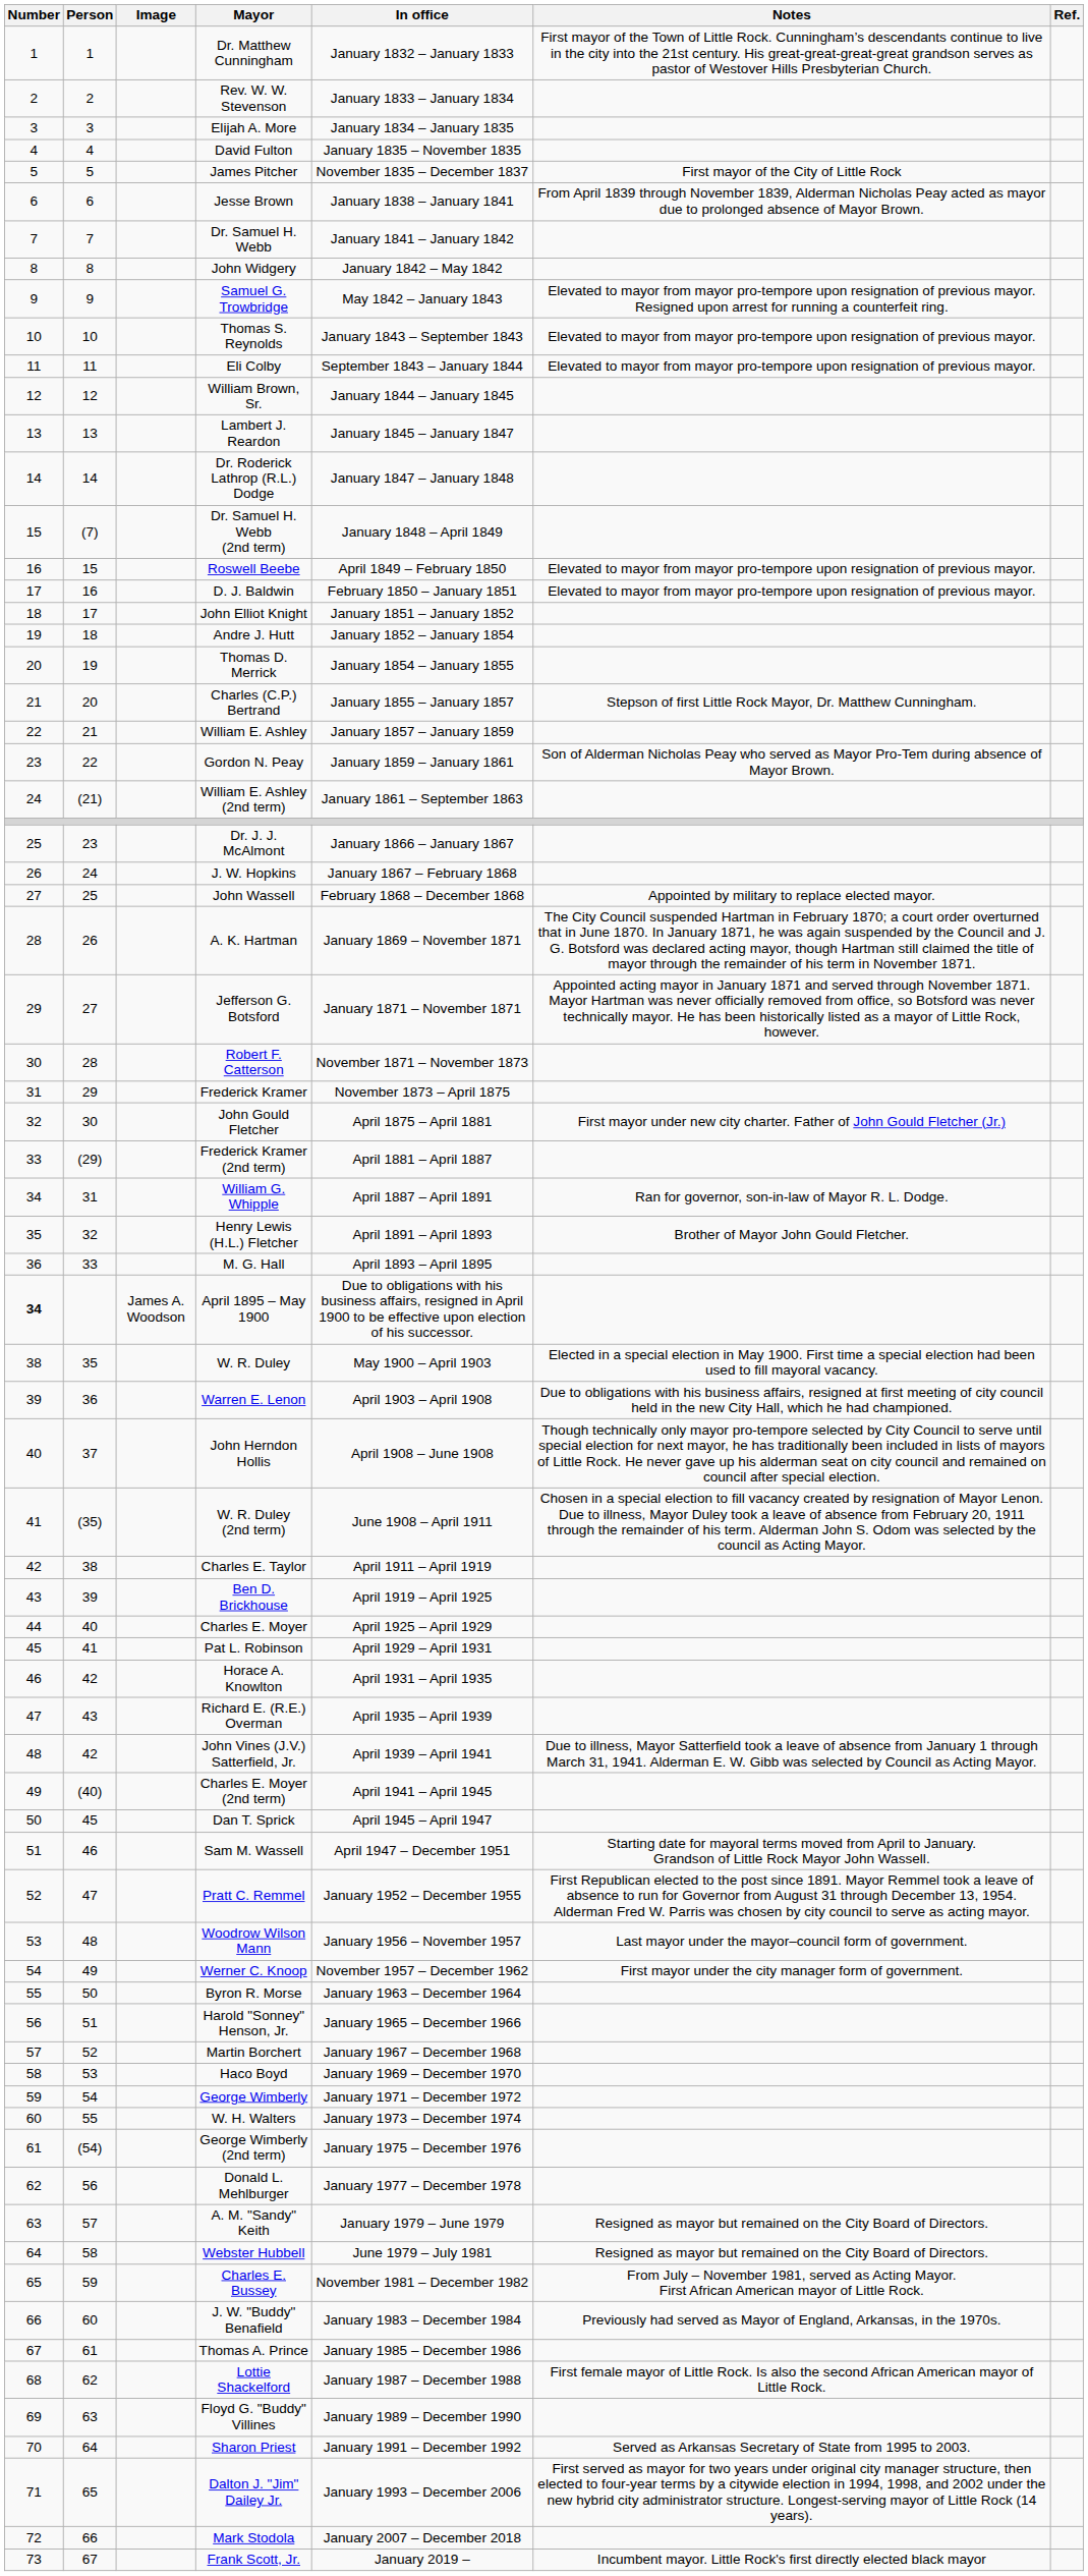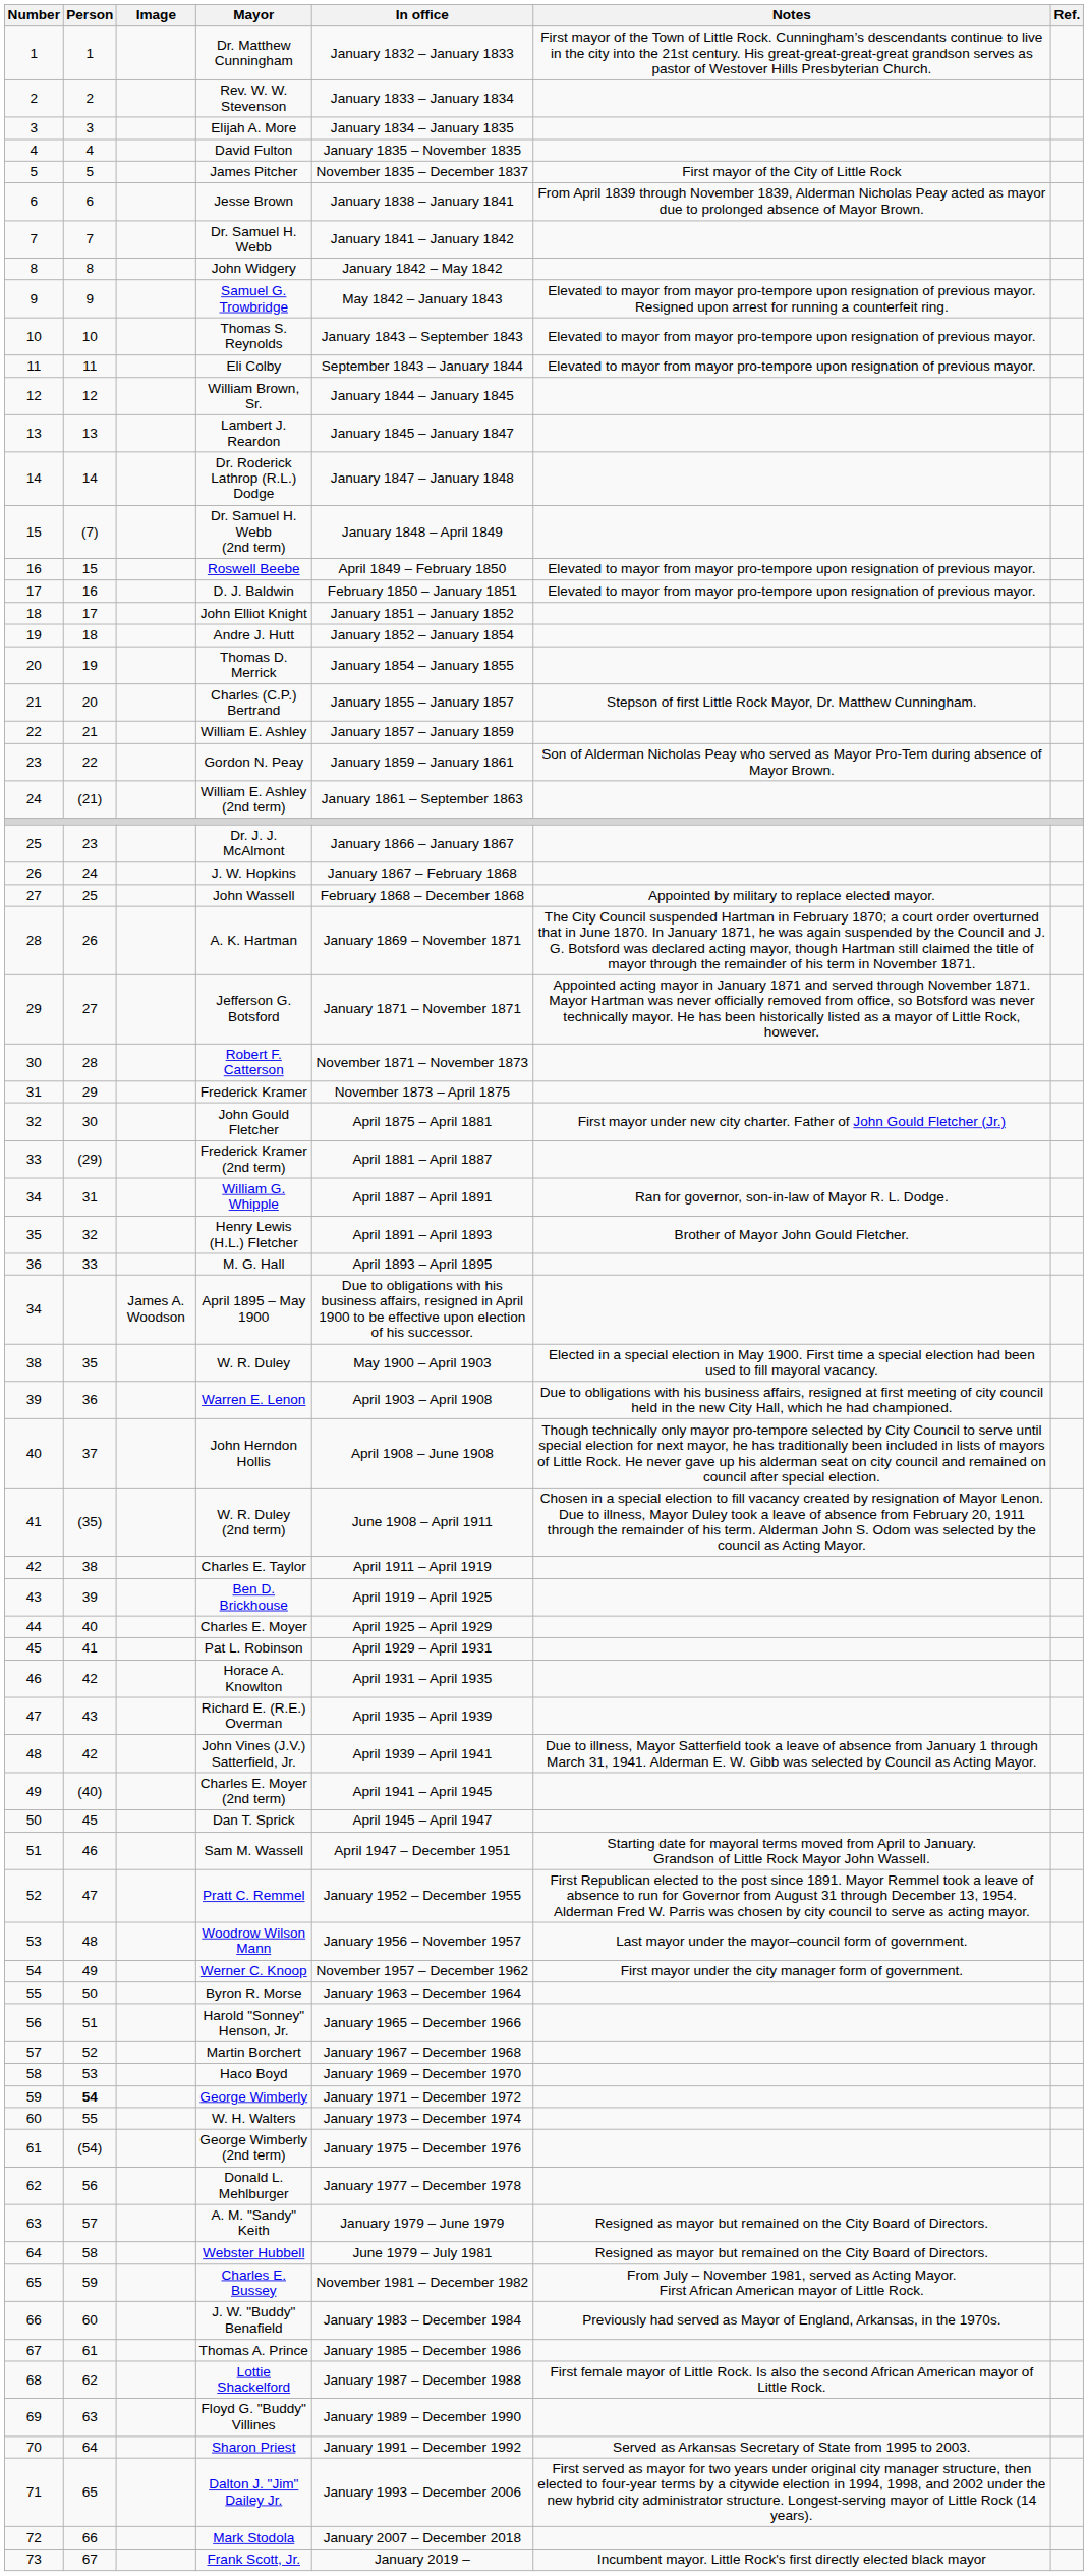 <table class="wikitable" style="text-align:center;">
 <tr>
 <th>Number</th>
 <th>Person</th>
 <th>Image</th>
 <th>Mayor</th>
 <th>In office</th>
 <th>Notes</th>
 <th>Ref.</th>
 </tr>
 <tr>
 <td>1</td>
 <td>1</td>
 <td></td>
 <td>Dr. Matthew Cunningham</td>
 <td>January 1832 – January 1833</td>
 <td>First mayor of the Town of Little Rock. Cunningham’s descendants continue to live in the city into the 21st century. His great-great-great-great grandson serves as pastor of Westover Hills Presbyterian Church.</td>
 <td></td>
 </tr>
 <tr>
 <td>2</td>
 <td>2</td>
 <td></td>
 <td>Rev. W. W. Stevenson</td>
 <td>January 1833 – January 1834</td>
 <td></td>
 <td></td>
 </tr>
 <tr>
 <td>3</td>
 <td>3</td>
 <td></td>
 <td>Elijah A. More</td>
 <td>January 1834 – January 1835</td>
 <td></td>
 <td></td>
 </tr>
 <tr>
 <td>4</td>
 <td>4</td>
 <td></td>
 <td>David Fulton</td>
 <td>January 1835 – November 1835</td>
 <td></td>
 <td></td>
 </tr>
 <tr>
 <td>5</td>
 <td>5</td>
 <td></td>
 <td>James Pitcher</td>
 <td>November 1835 – December 1837</td>
 <td>First mayor of the City of Little Rock</td>
 <td></td>
 </tr>
 <tr>
 <td>6</td>
 <td>6</td>
 <td></td>
 <td>Jesse Brown</td>
 <td>January 1838 – January 1841</td>
 <td>From April 1839 through November 1839, Alderman Nicholas Peay acted as mayor due to prolonged absence of Mayor Brown.</td>
 <td></td>
 </tr>
 <tr>
 <td>7</td>
 <td>7</td>
 <td></td>
 <td>Dr. Samuel H. Webb</td>
 <td>January 1841 – January 1842</td>
 <td></td>
 <td></td>
 </tr>
 <tr>
 <td>8</td>
 <td>8</td>
 <td></td>
 <td>John Widgery</td>
 <td>January 1842 – May 1842</td>
 <td></td>
 <td></td>
 </tr>
 <tr>
 <td>9</td>
 <td>9</td>
 <td></td>
 <td><a href='#'>Samuel G. Trowbridge</a></td>
 <td>May 1842 – January 1843</td>
 <td>Elevated to mayor from mayor pro-tempore upon resignation of previous mayor.<br>Resigned upon arrest for running a counterfeit ring.</td>
 <td></td>
 </tr>
 <tr>
 <td>10</td>
 <td>10</td>
 <td></td>
 <td>Thomas S. Reynolds</td>
 <td>January 1843 – September 1843</td>
 <td>Elevated to mayor from mayor pro-tempore upon resignation of previous mayor.</td>
 <td></td>
 </tr>
 <tr>
 <td>11</td>
 <td>11</td>
 <td></td>
 <td>Eli Colby</td>
 <td>September 1843 – January 1844</td>
 <td>Elevated to mayor from mayor pro-tempore upon resignation of previous mayor.</td>
 <td></td>
 </tr>
 <tr>
 <td>12</td>
 <td>12</td>
 <td></td>
 <td>William Brown, Sr.</td>
 <td>January 1844 – January 1845</td>
 <td></td>
 <td></td>
 </tr>
 <tr>
 <td>13</td>
 <td>13</td>
 <td></td>
 <td>Lambert J. Reardon</td>
 <td>January 1845 – January 1847</td>
 <td></td>
 <td></td>
 </tr>
 <tr>
 <td>14</td>
 <td>14</td>
 <td></td>
 <td>Dr. Roderick Lathrop (R.L.) Dodge</td>
 <td>January 1847 – January 1848</td>
 <td></td>
 <td></td>
 </tr>
 <tr>
 <td>15</td>
 <td>(7)</td>
 <td></td>
 <td>Dr. Samuel H. Webb<br> (2nd term)</td>
 <td>January 1848 – April 1849</td>
 <td></td>
 <td></td>
 </tr>
 <tr>
 <td>16</td>
 <td>15</td>
 <td></td>
 <td><a href='#'>Roswell Beebe</a></td>
 <td>April 1849 – February 1850</td>
 <td>Elevated to mayor from mayor pro-tempore upon resignation of previous mayor.</td>
 <td></td>
 </tr>
 <tr>
 <td>17</td>
 <td>16</td>
 <td></td>
 <td>D. J. Baldwin</td>
 <td>February 1850 – January 1851</td>
 <td>Elevated to mayor from mayor pro-tempore upon resignation of previous mayor.</td>
 <td></td>
 </tr>
 <tr>
 <td>18</td>
 <td>17</td>
 <td></td>
 <td>John Elliot Knight</td>
 <td>January 1851 – January 1852</td>
 <td></td>
 <td></td>
 </tr>
 <tr>
 <td>19</td>
 <td>18</td>
 <td></td>
 <td>Andre J. Hutt</td>
 <td>January 1852 – January 1854</td>
 <td></td>
 <td></td>
 </tr>
 <tr>
 <td>20</td>
 <td>19</td>
 <td></td>
 <td>Thomas D. Merrick</td>
 <td>January 1854 – January 1855</td>
 <td></td>
 <td></td>
 </tr>
 <tr>
 <td>21</td>
 <td>20</td>
 <td></td>
 <td>Charles (C.P.) Bertrand</td>
 <td>January 1855 – January 1857</td>
 <td>Stepson of first Little Rock Mayor, Dr. Matthew Cunningham.</td>
 <td></td>
 </tr>
 <tr>
 <td>22</td>
 <td>21</td>
 <td></td>
 <td>William E. Ashley</td>
 <td>January 1857 – January 1859</td>
 <td></td>
 <td></td>
 </tr>
 <tr>
 <td>23</td>
 <td>22</td>
 <td></td>
 <td>Gordon N. Peay</td>
 <td>January 1859 – January 1861</td>
 <td>Son of Alderman Nicholas Peay who served as Mayor Pro-Tem during absence of Mayor Brown.</td>
 <td></td>
 </tr>
 <tr>
 <td>24</td>
 <td>(21)</td>
 <td></td>
 <td>William E. Ashley<br> (2nd term)</td>
 <td>January 1861 – September 1863</td>
 <td></td>
 <td></td>
 </tr>
 <tr>
 <td colspan="7" style="background:#D5D5D5"></td>
 </tr>
 <tr>
 <td>25</td>
 <td>23</td>
 <td></td>
 <td>Dr. J. J. McAlmont</td>
 <td>January 1866 – January 1867</td>
 <td></td>
 <td></td>
 </tr>
 <tr>
 <td>26</td>
 <td>24</td>
 <td></td>
 <td>J. W. Hopkins</td>
 <td>January 1867 – February 1868</td>
 <td></td>
 <td></td>
 </tr>
 <tr>
 <td>27</td>
 <td>25</td>
 <td></td>
 <td>John Wassell</td>
 <td>February 1868 – December 1868</td>
 <td>Appointed by military to replace elected mayor.</td>
 <td></td>
 </tr>
 <tr>
 <td>28</td>
 <td>26</td>
 <td></td>
 <td>A. K. Hartman</td>
 <td>January 1869 – November 1871</td>
 <td>The City Council suspended Hartman in February 1870; a court order overturned that in June 1870. In January 1871, he was again suspended by the Council and J. G. Botsford was declared acting mayor, though Hartman still claimed the title of mayor through the remainder of his term in November 1871.</td>
 <td></td>
 </tr>
 <tr>
 <td>29</td>
 <td>27</td>
 <td></td>
 <td>Jefferson G. Botsford</td>
 <td>January 1871 – November 1871</td>
 <td>Appointed acting mayor in January 1871 and served through November 1871. Mayor Hartman was never officially removed from office, so Botsford was never technically mayor.  He has been historically listed as a mayor of Little Rock, however.</td>
 <td></td>
 </tr>
 <tr>
 <td>30</td>
 <td>28</td>
 <td></td>
 <td><a href='#'>Robert F. Catterson</a></td>
 <td>November 1871 – November 1873</td>
 <td></td>
 <td></td>
 </tr>
 <tr>
 <td>31</td>
 <td>29</td>
 <td></td>
 <td>Frederick Kramer</td>
 <td>November 1873 – April 1875</td>
 <td></td>
 <td></td>
 </tr>
 <tr>
 <td>32</td>
 <td>30</td>
 <td></td>
 <td>John Gould Fletcher</td>
 <td>April 1875 – April 1881</td>
 <td>First mayor under new city charter. Father of <a href='#'>John Gould Fletcher (Jr.)</a></td>
 <td></td>
 </tr>
 <tr>
 <td>33</td>
 <td>(29)</td>
 <td></td>
 <td>Frederick Kramer<br> (2nd term)</td>
 <td>April 1881 – April 1887</td>
 <td></td>
 <td></td>
 </tr>
 <tr>
 <td>34</td>
 <td>31</td>
 <td></td>
 <td><a href='#'>William G. Whipple</a></td>
 <td>April 1887 – April 1891</td>
 <td>Ran for governor, son-in-law of Mayor R. L. Dodge.</td>
 <td></td>
 </tr>
 <tr>
 <td>35</td>
 <td>32</td>
 <td></td>
 <td>Henry Lewis (H.L.) Fletcher</td>
 <td>April 1891 – April 1893</td>
 <td>Brother of Mayor John Gould Fletcher.</td>
 <td></td>
 </tr>
 <tr>
 <td>36</td>
 <td>33</td>
 <td></td>
 <td>M. G. Hall</td>
 <td>April 1893 – April 1895</td>
 <td></td>
 <td></td>
 </tr>
 <tr 37>
-<td><strong>34</strong></td>
+<td>34</td>
 <td></td>
 <td>James A. Woodson</td>
 <td>April 1895 – May 1900</td>
 <td>Due to obligations with his business affairs, resigned in April 1900 to be effective upon election of his successor.</td>
 <td></td>
 </tr>
 <tr>
 <td>38</td>
 <td>35</td>
 <td></td>
 <td>W. R. Duley</td>
 <td>May 1900 – April 1903</td>
 <td>Elected in a special election in May 1900. First time a special election had been used to fill mayoral vacancy.</td>
 <td></td>
 </tr>
 <tr>
 <td>39</td>
 <td>36</td>
 <td></td>
 <td><a href='#'>Warren E. Lenon</a></td>
 <td>April 1903 – April 1908</td>
 <td>Due to obligations with his business affairs, resigned at first meeting of city council held in the new City Hall, which he had championed.</td>
 <td></td>
 </tr>
 <tr>
 <td>40</td>
 <td>37</td>
 <td></td>
 <td>John Herndon Hollis</td>
 <td>April 1908 – June 1908</td>
 <td>Though technically only mayor pro-tempore selected by City Council to serve until special election for next mayor, he has traditionally been included in lists of mayors of Little Rock. He never gave up his alderman seat on city council and remained on council after special election.</td>
 <td></td>
 </tr>
 <tr>
 <td>41</td>
 <td>(35)</td>
 <td></td>
 <td>W. R. Duley<br> (2nd term)</td>
 <td>June 1908 – April 1911</td>
 <td>Chosen in a special election to fill vacancy created by resignation of Mayor Lenon.<br>Due to illness, Mayor Duley took a leave of absence from February 20, 1911 through the remainder of his term.  Alderman John S. Odom was selected by the council as Acting Mayor.</td>
 <td></td>
 </tr>
 <tr>
 <td>42</td>
 <td>38</td>
 <td></td>
 <td>Charles E. Taylor</td>
 <td>April 1911 – April 1919</td>
 <td></td>
 <td></td>
 </tr>
 <tr>
 <td>43</td>
 <td>39</td>
 <td></td>
 <td><a href='#'>Ben D. Brickhouse</a></td>
 <td>April 1919 – April 1925</td>
 <td></td>
 <td></td>
 </tr>
 <tr>
 <td>44</td>
 <td>40</td>
 <td></td>
 <td>Charles E. Moyer</td>
 <td>April 1925 – April 1929</td>
 <td></td>
 <td></td>
 </tr>
 <tr>
 <td>45</td>
 <td>41</td>
 <td></td>
 <td>Pat L. Robinson</td>
 <td>April 1929 – April 1931</td>
 <td></td>
 <td></td>
 </tr>
 <tr>
 <td>46</td>
 <td>42</td>
 <td></td>
 <td>Horace A. Knowlton</td>
 <td>April 1931 – April 1935</td>
 <td></td>
 <td></td>
 </tr>
 <tr>
 <td>47</td>
 <td>43</td>
 <td></td>
 <td>Richard E. (R.E.) Overman</td>
 <td>April 1935 – April 1939</td>
 <td></td>
 <td></td>
 </tr>
 <tr>
 <td>48</td>
 <td>42</td>
 <td></td>
 <td>John Vines (J.V.) Satterfield, Jr.</td>
 <td>April 1939 – April 1941</td>
 <td>Due to illness, Mayor Satterfield took a leave of absence from January 1 through March 31, 1941. Alderman E. W. Gibb was selected by Council as Acting Mayor.</td>
 <td></td>
 </tr>
 <tr>
 <td>49</td>
 <td>(40)</td>
 <td></td>
 <td>Charles E. Moyer<br> (2nd term)</td>
 <td>April 1941 – April 1945</td>
 <td></td>
 <td></td>
 </tr>
 <tr>
 <td>50</td>
 <td>45</td>
 <td></td>
 <td>Dan T. Sprick</td>
 <td>April 1945 – April 1947</td>
 <td></td>
 <td></td>
 </tr>
 <tr>
 <td>51</td>
 <td>46</td>
 <td></td>
 <td>Sam M. Wassell</td>
 <td>April 1947 – December 1951</td>
 <td>Starting date for mayoral terms moved from April to January.<br>Grandson of Little Rock Mayor John Wassell.</td>
 <td></td>
 </tr>
 <tr>
 <td>52</td>
 <td>47</td>
 <td></td>
 <td><a href='#'>Pratt C. Remmel</a></td>
 <td>January 1952 – December 1955</td>
 <td>First Republican elected to the post since 1891. Mayor Remmel took a leave of absence to run for Governor from August 31 through December 13, 1954. Alderman Fred W. Parris was chosen by city council to serve as acting mayor.</td>
 <td></td>
 </tr>
 <tr>
 <td>53</td>
 <td>48</td>
 <td></td>
 <td><a href='#'>Woodrow Wilson Mann</a></td>
 <td>January 1956 – November 1957</td>
 <td>Last mayor under the mayor–council form of government.</td>
 <td></td>
 </tr>
 <tr>
 <td>54</td>
 <td>49</td>
 <td></td>
 <td><a href='#'>Werner C. Knoop</a></td>
 <td>November 1957 – December 1962</td>
 <td>First mayor under the city manager form of government.</td>
 <td></td>
 </tr>
 <tr>
 <td>55</td>
 <td>50</td>
 <td></td>
 <td>Byron R. Morse</td>
 <td>January 1963 – December 1964</td>
 <td></td>
 <td></td>
 </tr>
 <tr>
 <td>56</td>
 <td>51</td>
 <td></td>
 <td>Harold "Sonney" Henson, Jr.</td>
 <td>January 1965 – December 1966</td>
 <td></td>
 <td></td>
 </tr>
 <tr>
 <td>57</td>
 <td>52</td>
 <td></td>
 <td>Martin Borchert</td>
 <td>January 1967 – December 1968</td>
 <td></td>
 <td></td>
 </tr>
 <tr>
 <td>58</td>
 <td>53</td>
 <td></td>
 <td>Haco Boyd</td>
 <td>January 1969 – December 1970</td>
 <td></td>
 <td></td>
 </tr>
 <tr>
 <td>59</td>
-<td>54</td>
+<td><strong>54</strong></td>
 <td></td>
 <td><a href='#'>George Wimberly</a></td>
 <td>January 1971 – December 1972</td>
 <td></td>
 <td></td>
 </tr>
 <tr>
 <td>60</td>
 <td>55</td>
 <td></td>
 <td>W. H. Walters</td>
 <td>January 1973 – December 1974</td>
 <td></td>
 <td></td>
 </tr>
 <tr>
 <td>61</td>
 <td>(54)</td>
 <td></td>
 <td>George Wimberly<br> (2nd term)</td>
 <td>January 1975 – December 1976</td>
 <td></td>
 <td></td>
 </tr>
 <tr>
 <td>62</td>
 <td>56</td>
 <td></td>
 <td>Donald L. Mehlburger</td>
 <td>January 1977 – December 1978</td>
 <td></td>
 <td></td>
 </tr>
 <tr>
 <td>63</td>
 <td>57</td>
 <td></td>
 <td>A. M. "Sandy" Keith</td>
 <td>January 1979 – June 1979</td>
 <td>Resigned as mayor but remained on the City Board of Directors.</td>
 <td></td>
 </tr>
 <tr>
 <td>64</td>
 <td>58</td>
 <td></td>
 <td><a href='#'>Webster Hubbell</a></td>
 <td>June 1979 – July 1981</td>
 <td>Resigned as mayor but remained on the City Board of Directors.</td>
 <td></td>
 </tr>
 <tr>
 <td>65</td>
 <td>59</td>
 <td></td>
 <td><a href='#'>Charles E. Bussey</a></td>
 <td>November 1981 – December 1982</td>
 <td>From July – November 1981, served as Acting Mayor.<br>First African American mayor of Little Rock.</td>
 <td></td>
 </tr>
 <tr>
 <td>66</td>
 <td>60</td>
 <td></td>
 <td>J. W. "Buddy" Benafield</td>
 <td>January 1983 – December 1984</td>
 <td>Previously had served as Mayor of England, Arkansas, in the 1970s.</td>
 <td></td>
 </tr>
 <tr>
 <td>67</td>
 <td>61</td>
 <td></td>
 <td>Thomas A. Prince</td>
 <td>January 1985 – December 1986</td>
 <td></td>
 <td></td>
 </tr>
 <tr>
 <td>68</td>
 <td>62</td>
 <td></td>
 <td><a href='#'>Lottie Shackelford</a></td>
 <td>January 1987 – December 1988</td>
 <td>First female mayor of Little Rock. Is also the second African American mayor of Little Rock.</td>
 <td></td>
 </tr>
 <tr>
 <td>69</td>
 <td>63</td>
 <td></td>
 <td>Floyd G. "Buddy" Villines</td>
 <td>January 1989 – December 1990</td>
 <td></td>
 <td></td>
 </tr>
 <tr>
 <td>70</td>
 <td>64</td>
 <td></td>
 <td><a href='#'>Sharon Priest</a></td>
 <td>January 1991 – December 1992</td>
 <td>Served as Arkansas Secretary of State from 1995 to 2003.</td>
 <td></td>
 </tr>
 <tr>
 <td>71</td>
 <td>65</td>
 <td></td>
 <td><a href='#'>Dalton J. "Jim" Dailey Jr.</a></td>
 <td>January 1993 – December 2006</td>
 <td>First served as mayor for two years under original city manager structure, then elected to four-year terms by a citywide election in 1994, 1998, and 2002 under the new hybrid city administrator structure. Longest-serving mayor of Little Rock (14 years).</td>
 <td></td>
 </tr>
 <tr>
 <td>72</td>
 <td>66</td>
 <td></td>
 <td><a href='#'>Mark Stodola</a></td>
 <td>January 2007 – December 2018</td>
 <td></td>
 <td></td>
 </tr>
 <tr>
 <td>73</td>
 <td>67</td>
 <td></td>
 <td><a href='#'>Frank Scott, Jr.</a></td>
 <td>January 2019 –</td>
 <td>Incumbent mayor. Little Rock's first directly elected black mayor</td>
 <td></td>
 </tr>
 </table>
